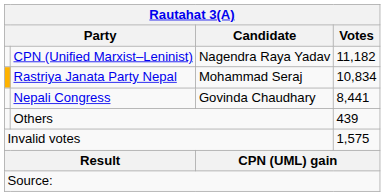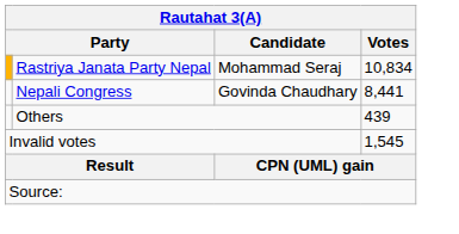 <table class="wikitable">
 <tr>
 <th colspan="4"><a href='#'>Rautahat 3(A)</a></th>
 </tr>
 <tr>
 <th colspan="2">Party</th>
 <th>Candidate</th>
 <th>Votes</th>
-</tr>
-<tr>
-<td style="background-color:"></td>
-<td><a href='#'>CPN (Unified Marxist–Leninist)</a></td>
-<td>Nagendra Raya Yadav</td>
-<td>11,182</td>
 </tr>
 <tr>
 <td style="background-color:#ffb300"></td>
 <td><a href='#'>Rastriya Janata Party Nepal</a></td>
 <td>Mohammad Seraj</td>
 <td>10,834</td>
 </tr>
 <tr>
 <td style="background-color:"></td>
 <td><a href='#'>Nepali Congress</a></td>
 <td>Govinda Chaudhary</td>
 <td>8,441</td>
 </tr>
 <tr>
 <td></td>
 <td colspan="2">Others</td>
 <td>439</td>
 </tr>
 <tr>
 <td colspan="3">Invalid votes</td>
-<td>1,575</td>
+<td>1,545</td>
 </tr>
 <tr>
 <th colspan="2">Result</th>
 <th colspan="2">CPN (UML) gain</th>
 </tr>
 <tr>
 <td colspan="4">Source: </td>
 </tr>
 </table>
